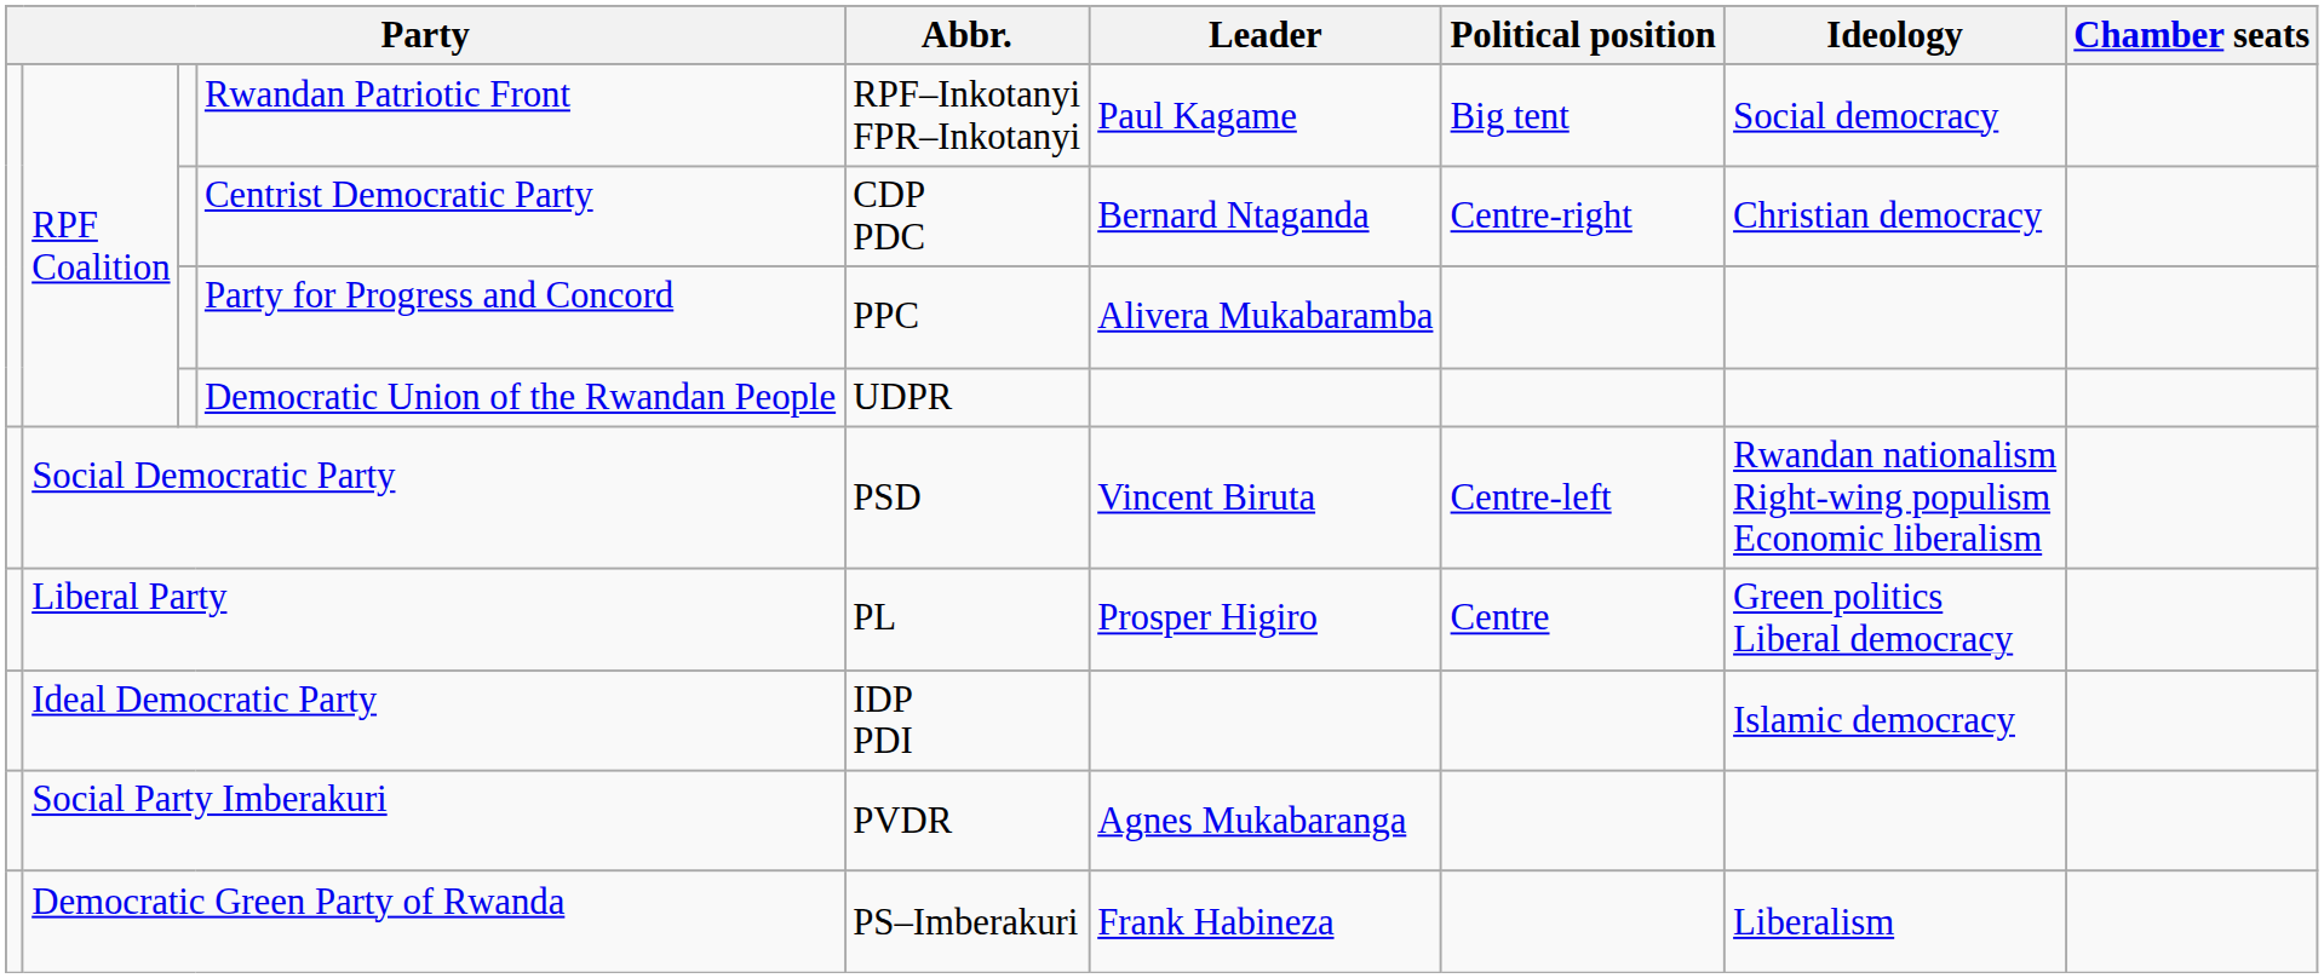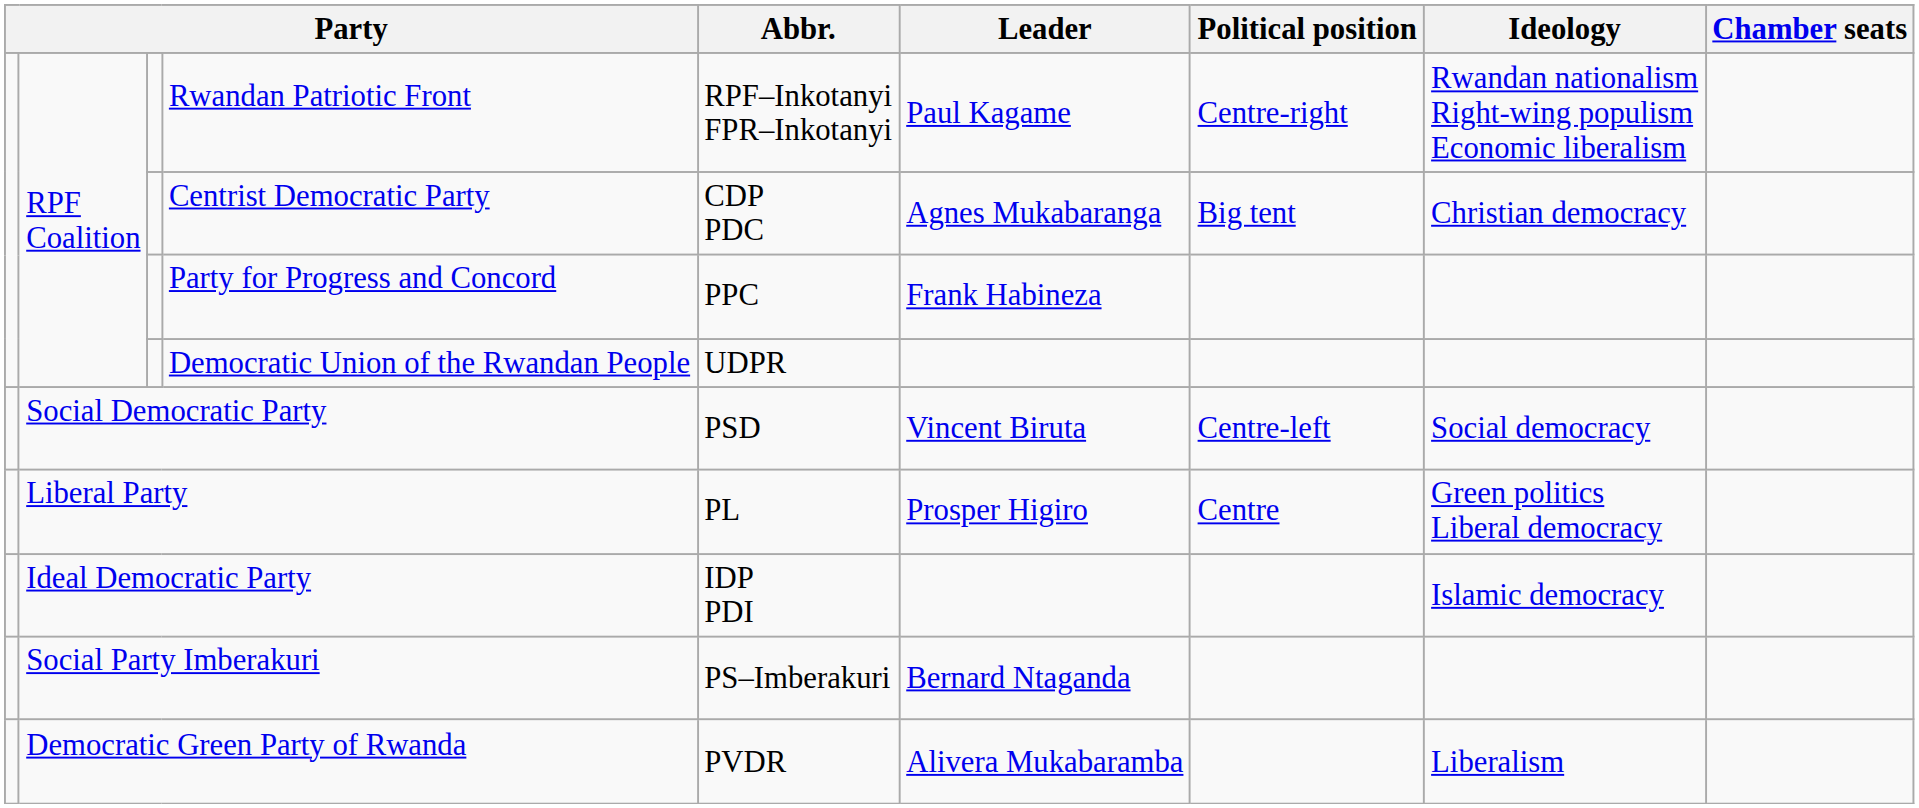 <table class="wikitable sortable|}">
 <tr>
 <th colspan=4>Party</th>
 <th>Abbr.</th>
 <th>Leader</th>
 <th>Political position</th>
 <th>Ideology</th>
 <th><a href='#'>Chamber</a> seats</th>
 </tr>
 <tr>
 <td rowspan=4 bgcolor=></td>
 <td rowspan=4><a href='#'>RPF<br>Coalition</a></td>
 <td bgcolor=></td>
 <td><a href='#'>Rwandan Patriotic Front</a><small><br><br></small></td>
 <td>RPF–Inkotanyi<br>FPR–Inkotanyi</td>
 <td><a href='#'>Paul Kagame</a></td>
-<td><a href='#'>Big tent</a></td>
-<td><a href='#'>Social democracy</a></td>
+<td><a href='#'>Centre-right</a></td>
+<td><a href='#'>Rwandan nationalism</a><br><a href='#'>Right-wing populism</a><br><a href='#'>Economic liberalism</a></td>
 <td></td>
 </tr>
 <tr>
 <td bgcolor=></td>
 <td><a href='#'>Centrist Democratic Party</a><small><br><br></small></td>
 <td>CDP<br>PDC</td>
-<td><a href='#'>Bernard Ntaganda</a></td>
-<td><a href='#'>Centre-right</a></td>
+<td><a href='#'>Agnes Mukabaranga</a></td>
+<td><a href='#'>Big tent</a></td>
 <td><a href='#'>Christian democracy</a></td>
 <td></td>
 </tr>
 <tr>
 <td bgcolor=></td>
 <td><a href='#'>Party for Progress and Concord</a><small><br><br></small></td>
 <td>PPC</td>
-<td><a href='#'>Alivera Mukabaramba</a></td>
+<td><a href='#'>Frank Habineza</a></td>
 <td></td>
 <td></td>
 <td></td>
 </tr>
 <tr>
 <td bgcolor=></td>
 <td><a href='#'>Democratic Union of the Rwandan People</a><br><small></small></td>
 <td>UDPR</td>
 <td></td>
 <td></td>
 <td></td>
 <td></td>
 </tr>
 <tr>
 <td bgcolor=></td>
 <td colspan=3><a href='#'>Social Democratic Party</a><small><br><br></small></td>
 <td>PSD</td>
 <td><a href='#'>Vincent Biruta</a></td>
 <td><a href='#'>Centre-left</a></td>
-<td><a href='#'>Rwandan nationalism</a><br><a href='#'>Right-wing populism</a><br><a href='#'>Economic liberalism</a></td>
+<td><a href='#'>Social democracy</a></td>
 <td></td>
 </tr>
 <tr>
 <td bgcolor=></td>
 <td colspan=3><a href='#'>Liberal Party</a><small><br><br></small></td>
 <td>PL</td>
 <td><a href='#'>Prosper Higiro</a></td>
 <td><a href='#'>Centre</a></td>
 <td><a href='#'>Green politics</a><br><a href='#'>Liberal democracy</a></td>
 <td></td>
 </tr>
 <tr>
 <td bgcolor=></td>
 <td colspan=3><a href='#'>Ideal Democratic Party</a><small><br><br></small></td>
 <td>IDP<br>PDI</td>
 <td></td>
 <td></td>
 <td><a href='#'>Islamic democracy</a></td>
 <td></td>
 </tr>
 <tr>
 <td bgcolor=></td>
 <td colspan=3><a href='#'>Social Party Imberakuri</a><br><small><br></small></td>
-<td>PVDR</td>
-<td><a href='#'>Agnes Mukabaranga</a></td>
+<td>PS–Imberakuri</td>
+<td><a href='#'>Bernard Ntaganda</a></td>
 <td></td>
 <td></td>
 <td></td>
 </tr>
 <tr>
 <td bgcolor=></td>
 <td colspan=3><a href='#'>Democratic Green Party of Rwanda</a><br><small><br></small></td>
-<td>PS–Imberakuri</td>
-<td><a href='#'>Frank Habineza</a></td>
+<td>PVDR</td>
+<td><a href='#'>Alivera Mukabaramba</a></td>
 <td></td>
 <td><a href='#'>Liberalism</a></td>
 <td></td>
 </tr>
 </table>
